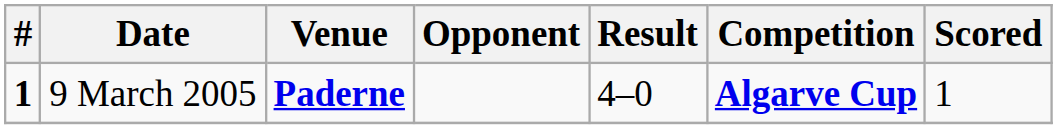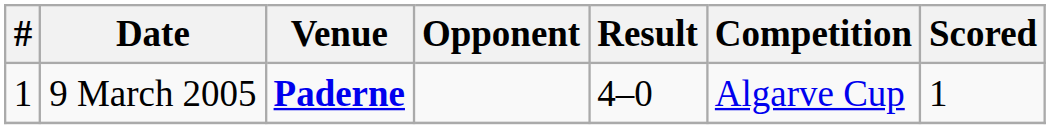 <table class="wikitable">
 <tr>
 <th>#</th>
 <th>Date</th>
 <th>Venue</th>
 <th>Opponent</th>
 <th>Result</th>
 <th>Competition</th>
 <th>Scored</th>
 </tr>
 <tr>
-<td><strong>1</strong></td>
+<td>1</td>
 <td>9 March 2005</td>
 <td><strong><a href='#'>Paderne</a></strong></td>
 <td></td>
 <td>4–0</td>
-<td><strong><a href='#'>Algarve Cup</a></strong></td>
+<td><a href='#'>Algarve Cup</a></td>
 <td>1</td>
 </tr>
 <tr>
 </tr>
 </table>
